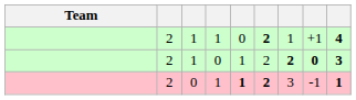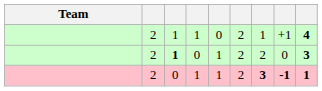 <table class="wikitable" style="text-align:center;">
 <tr>
 <th width="165">Team</th>
 <th width="20"></th>
 <th width="20"></th>
 <th width="20"></th>
 <th width="20"></th>
 <th width="20"></th>
 <th width="20"></th>
 <th width="20"></th>
 <th width="20"></th>
 </tr>
 <tr align=center bgcolor="ccffcc">
 <td style="text-align:left;"><strong></strong></td>
 <td>2</td>
 <td>1</td>
 <td>1</td>
 <td>0</td>
-<td><strong>2</strong></td>
+<td>2</td>
 <td>1</td>
 <td>+1</td>
 <td><strong>4</strong></td>
 </tr>
 <tr align=center bgcolor="ccffcc">
 <td style="text-align:left;"></td>
 <td>2</td>
-<td>1</td>
+<td><strong>1</strong></td>
 <td>0</td>
 <td>1</td>
 <td>2</td>
-<td><strong>2</strong></td>
-<td><strong>0</strong></td>
+<td>2</td>
+<td>0</td>
 <td><strong>3</strong></td>
 </tr>
 <tr align=center bgcolor="pink">
 <td style="text-align:left;"></td>
 <td>2</td>
 <td>0</td>
 <td>1</td>
-<td><strong>1</strong></td>
-<td><strong>2</strong></td>
-<td>3</td>
-<td>-1</td>
+<td>1</td>
+<td>2</td>
+<td><strong>3</strong></td>
+<td><strong>-1</strong></td>
 <td><strong>1</strong></td>
 </tr>
 </table>
